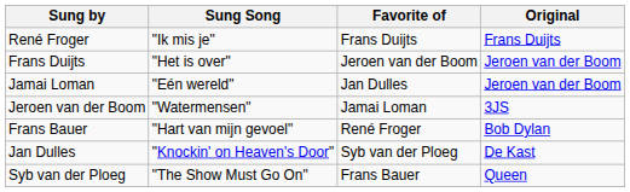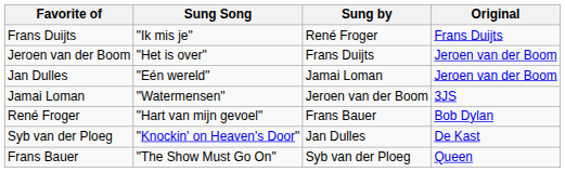 <table class="wikitable">
 <tr>
+<th>Favorite of</th>
+<th>Sung Song</th>
 <th>Sung by</th>
-<th>Sung Song</th>
-<th>Favorite of</th>
 <th>Original</th>
 </tr>
 <tr>
+<td>Frans Duijts</td>
+<td>"Ik mis je"</td>
 <td>René Froger</td>
-<td>"Ik mis je"</td>
-<td>Frans Duijts</td>
 <td><a href='#'>Frans Duijts</a></td>
 </tr>
 <tr>
+<td>Jeroen van der Boom</td>
+<td>"Het is over"</td>
 <td>Frans Duijts</td>
-<td>"Het is over"</td>
-<td>Jeroen van der Boom</td>
+<td><a href='#'>Jeroen van der Boom</a></td>
+</tr>
+<tr>
+<td>Jan Dulles</td>
+<td>"Eén wereld"</td>
+<td>Jamai Loman</td>
 <td><a href='#'>Jeroen van der Boom</a></td>
 </tr>
 <tr>
 <td>Jamai Loman</td>
-<td>"Eén wereld"</td>
-<td>Jan Dulles</td>
-<td><a href='#'>Jeroen van der Boom</a></td>
-</tr>
-<tr>
+<td>"Watermensen"</td>
 <td>Jeroen van der Boom</td>
-<td>"Watermensen"</td>
-<td>Jamai Loman</td>
 <td><a href='#'>3JS</a></td>
 </tr>
 <tr>
+<td>René Froger</td>
+<td>"Hart van mijn gevoel"</td>
 <td>Frans Bauer</td>
-<td>"Hart van mijn gevoel"</td>
-<td>René Froger</td>
 <td><a href='#'>Bob Dylan</a></td>
 </tr>
 <tr>
+<td>Syb van der Ploeg</td>
+<td>"<a href='#'>Knockin' on Heaven's Door</a>"</td>
 <td>Jan Dulles</td>
-<td>"<a href='#'>Knockin' on Heaven's Door</a>"</td>
-<td>Syb van der Ploeg</td>
 <td><a href='#'>De Kast</a></td>
 </tr>
 <tr>
+<td>Frans Bauer</td>
+<td>"The Show Must Go On"</td>
 <td>Syb van der Ploeg</td>
-<td>"The Show Must Go On"</td>
-<td>Frans Bauer</td>
 <td><a href='#'>Queen</a></td>
 </tr>
 </table>
